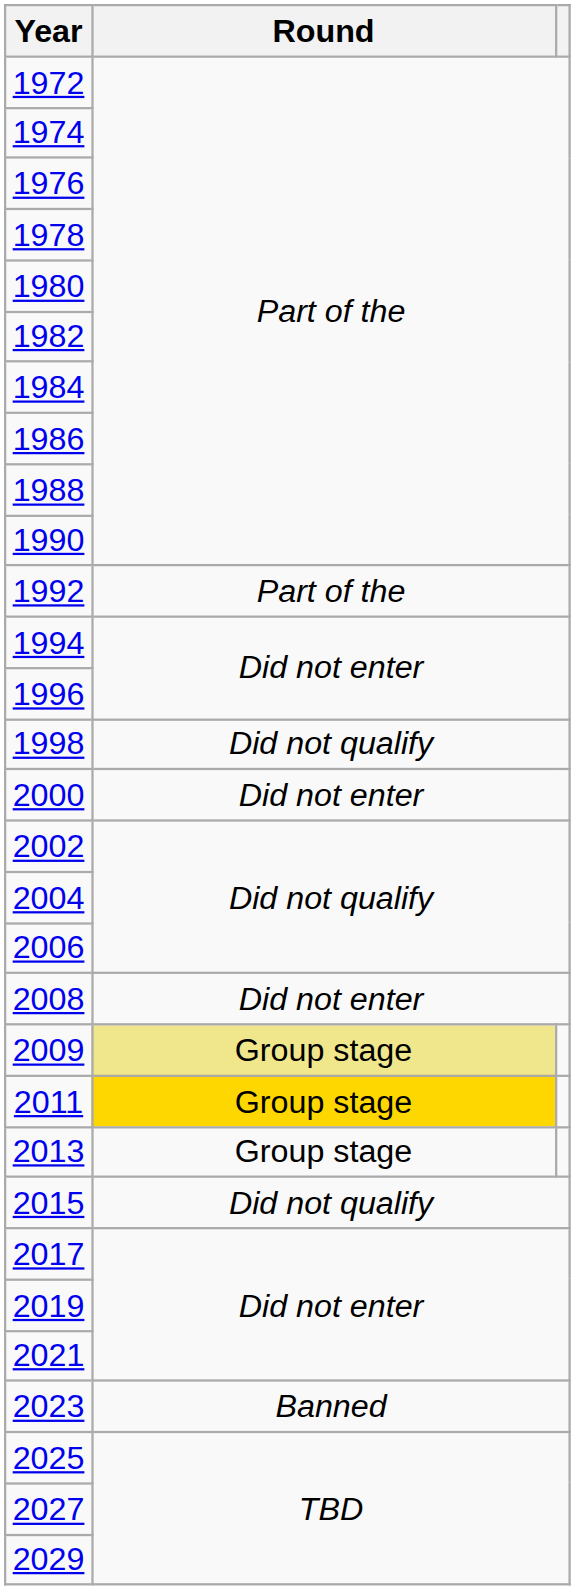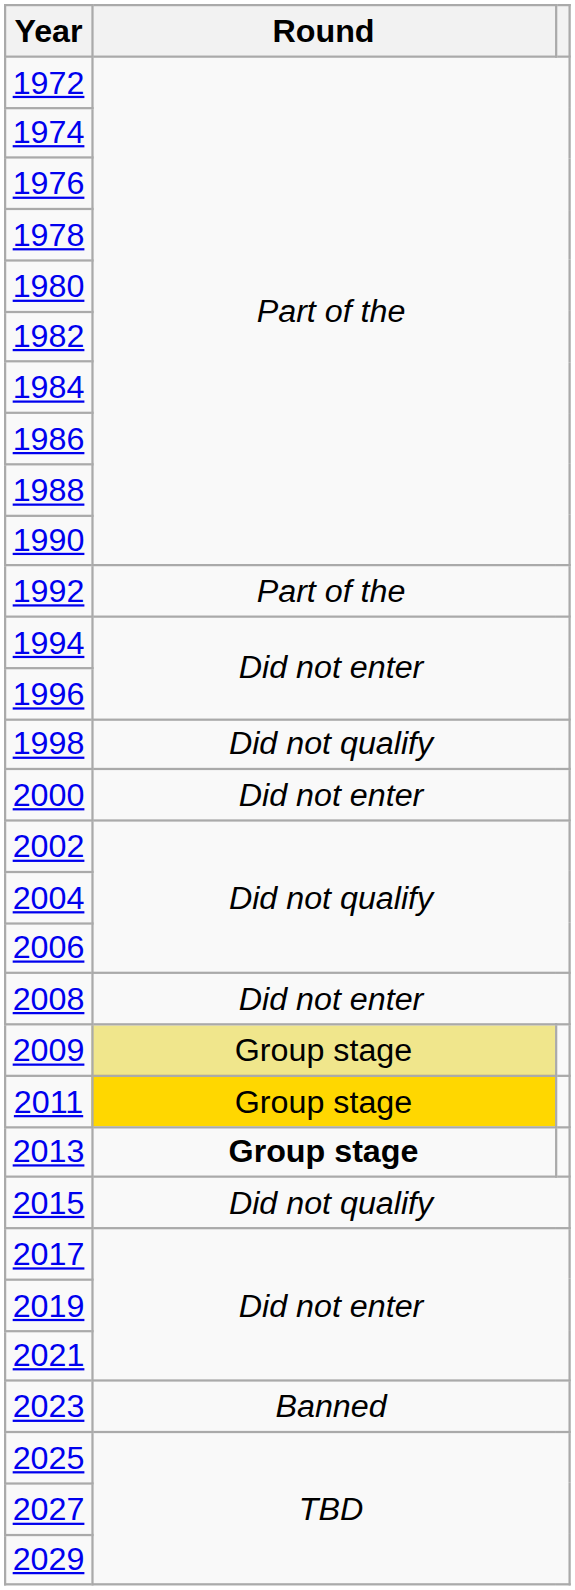 <table class="wikitable" style="text-align: center; font-size:90%">
 <tr>
 <th>Year</th>
 <th style="width:200px">Round</th>
 <th></th>
 </tr>
 <tr>
 <td><a href='#'>1972</a></td>
 <td colspan="2" rowspan="10"><em>Part of the </em></td>
 </tr>
 <tr>
 <td><a href='#'>1974</a></td>
 </tr>
 <tr>
 <td><a href='#'>1976</a></td>
 </tr>
 <tr>
 <td><a href='#'>1978</a></td>
 </tr>
 <tr>
 <td><a href='#'>1980</a></td>
 </tr>
 <tr>
 <td><a href='#'>1982</a></td>
 </tr>
 <tr>
 <td><a href='#'>1984</a></td>
 </tr>
 <tr>
 <td><a href='#'>1986</a></td>
 </tr>
 <tr>
 <td><a href='#'>1988</a></td>
 </tr>
 <tr>
 <td><a href='#'>1990</a></td>
 </tr>
 <tr>
 <td><a href='#'>1992</a></td>
 <td colspan="2"><em>Part of the </em></td>
 </tr>
 <tr>
 <td><a href='#'>1994</a></td>
 <td colspan="2" rowspan="2"><em>Did not enter</em></td>
 </tr>
 <tr>
 <td><a href='#'>1996</a></td>
 </tr>
 <tr>
 <td><a href='#'>1998</a></td>
 <td colspan="2"><em>Did not qualify</em></td>
 </tr>
 <tr>
 <td><a href='#'>2000</a></td>
 <td colspan="2"><em>Did not enter</em></td>
 </tr>
 <tr>
 <td><a href='#'>2002</a></td>
 <td colspan="2" rowspan="3"><em>Did not qualify</em></td>
 </tr>
 <tr>
 <td><a href='#'>2004</a></td>
 </tr>
 <tr>
 <td><a href='#'>2006</a></td>
 </tr>
 <tr>
 <td><a href='#'>2008</a></td>
 <td colspan="2"><em>Did not enter</em></td>
 </tr>
 <tr>
 <td><a href='#'>2009</a></td>
 <td style="background: khaki;">Group stage</td>
 <td></td>
 </tr>
 <tr>
 <td><a href='#'>2011</a></td>
 <td style="background: gold;">Group stage</td>
 <td></td>
 </tr>
 <tr>
 <td><a href='#'>2013</a></td>
-<td>Group stage</td>
+<td><strong>Group stage</strong></td>
 <td></td>
 </tr>
 <tr>
 <td><a href='#'>2015</a></td>
 <td colspan="2"><em>Did not qualify</em></td>
 </tr>
 <tr>
 <td><a href='#'>2017</a></td>
 <td colspan="2" rowspan="3"><em>Did not enter</em></td>
 </tr>
 <tr>
 <td><a href='#'>2019</a></td>
 </tr>
 <tr>
 <td><a href='#'>2021</a></td>
 </tr>
 <tr>
 <td><a href='#'>2023</a></td>
 <td colspan="2"><em>Banned</em></td>
 </tr>
 <tr>
 <td><a href='#'>2025</a></td>
 <td colspan="2" rowspan="3"><em>TBD</em></td>
 </tr>
 <tr>
 <td><a href='#'>2027</a></td>
 </tr>
 <tr>
 <td><a href='#'>2029</a></td>
 </tr>
 </table>
